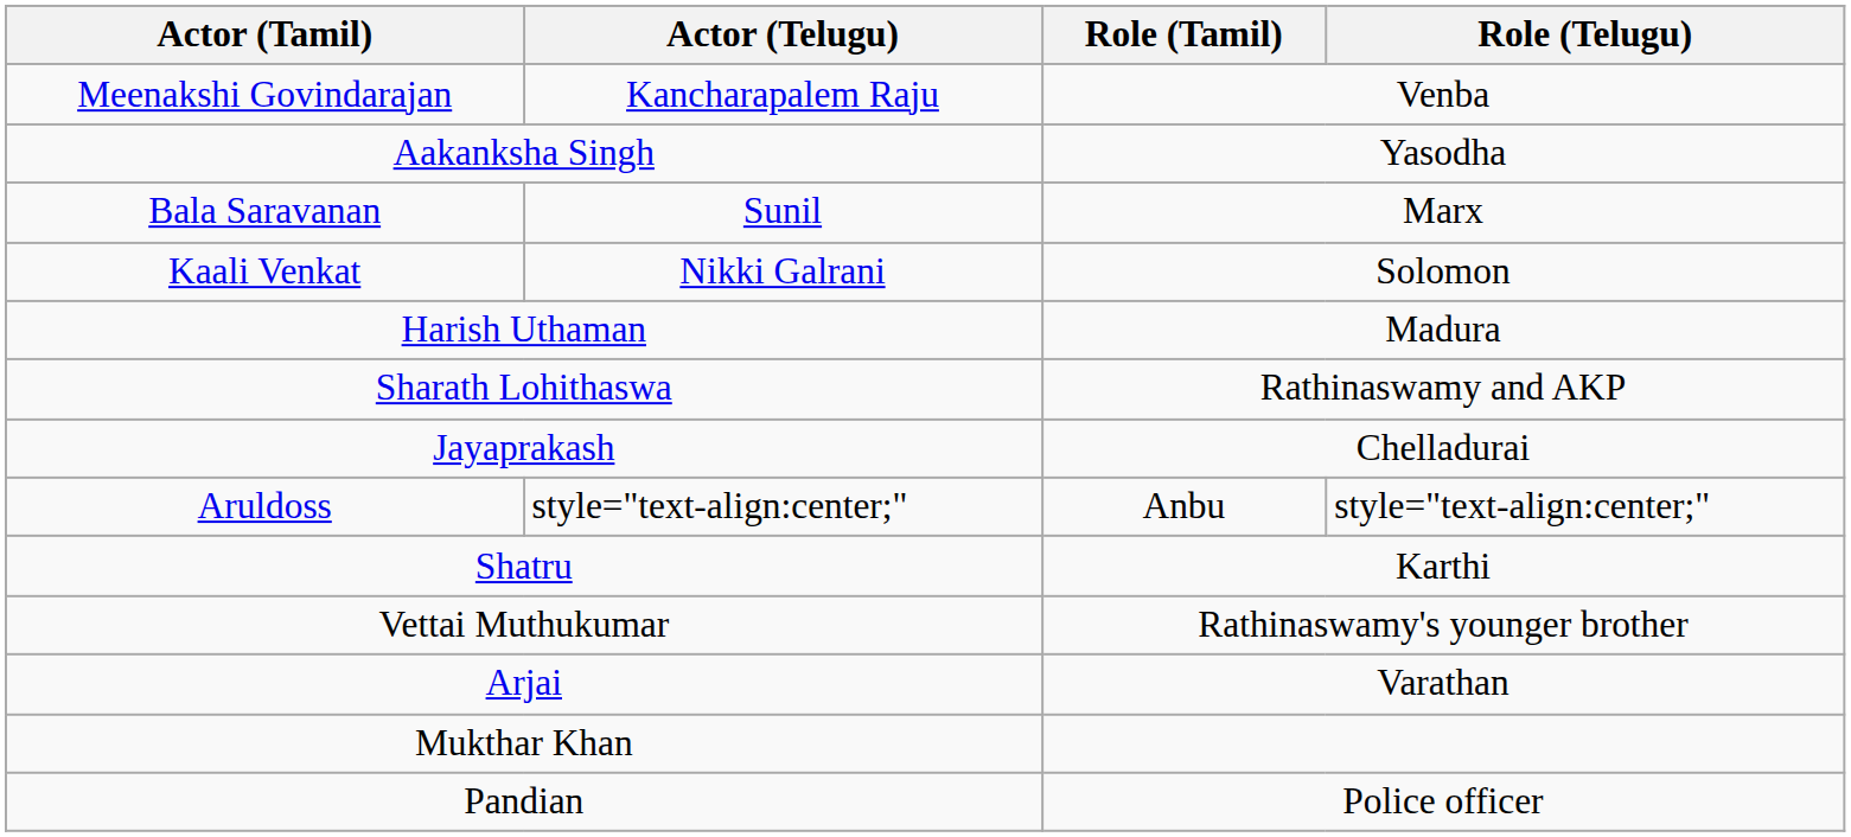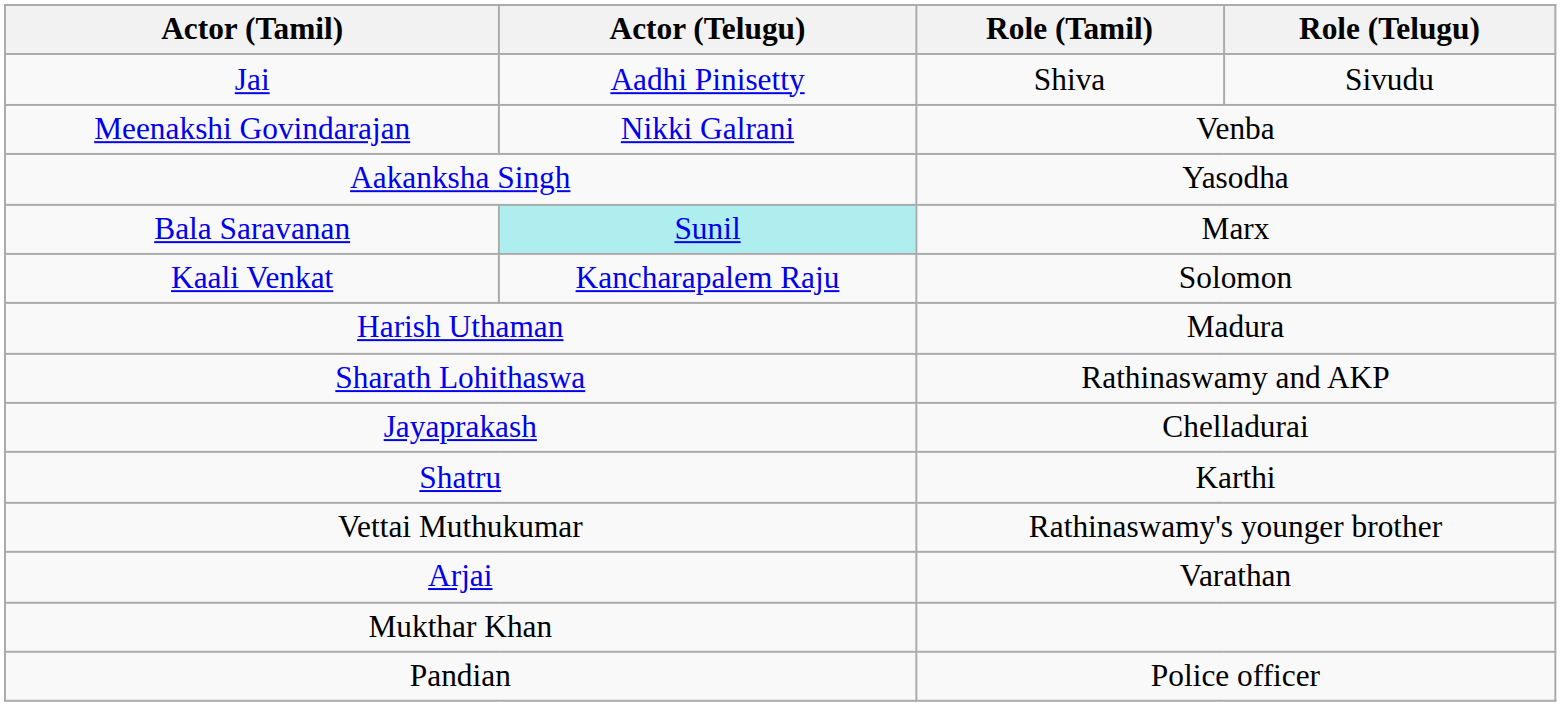 <table class="wikitable" style="width:50%;">
 <tr>
 <th>Actor (Tamil)</th>
 <th>Actor (Telugu)</th>
 <th>Role (Tamil)</th>
 <th>Role (Telugu)</th>
 </tr>
 <tr>
+<td style="text-align:center;"><a href='#'>Jai</a></td>
+<td style="text-align:center;"><a href='#'>Aadhi Pinisetty</a></td>
+<td style="text-align:center;">Shiva</td>
+<td style="text-align:center;">Sivudu</td>
+</tr>
+<tr>
 <td style="text-align:center;"><a href='#'>Meenakshi Govindarajan</a></td>
-<td style="text-align:center;"><a href='#'>Kancharapalem Raju</a></td>
+<td style="text-align:center;"><a href='#'>Nikki Galrani</a></td>
 <td colspan="2" style="text-align:center;">Venba</td>
 </tr>
 <tr>
 <td colspan="2" style="text-align:center;"><a href='#'>Aakanksha Singh</a></td>
 <td colspan="2" style="text-align:center;">Yasodha</td>
 </tr>
 <tr>
 <td style="text-align:center;"><a href='#'>Bala Saravanan</a></td>
-<td style="text-align:center;"><a href='#'>Sunil</a></td>
+<td style="background: paleturquoise; text-align:center;"><a href='#'>Sunil</a></td>
 <td colspan="2" style="text-align:center;">Marx</td>
 </tr>
 <tr>
 <td style="text-align:center;"><a href='#'>Kaali Venkat</a></td>
-<td style="text-align:center;"><a href='#'>Nikki Galrani</a></td>
+<td style="text-align:center;"><a href='#'>Kancharapalem Raju</a></td>
 <td colspan="2" style="text-align:center;">Solomon</td>
 </tr>
 <tr>
 <td colspan="2" style="text-align:center;"><a href='#'>Harish Uthaman</a></td>
 <td colspan="2" style="text-align:center;">Madura</td>
 </tr>
 <tr>
 <td colspan="2" style="text-align:center;"><a href='#'>Sharath Lohithaswa</a></td>
 <td colspan="2" style="text-align:center;">Rathinaswamy and AKP</td>
 </tr>
 <tr>
 <td colspan="2" style="text-align:center;"><a href='#'>Jayaprakash</a></td>
 <td colspan="2" style="text-align:center;">Chelladurai</td>
-</tr>
-<tr>
-<td style="text-align:center;"><a href='#'>Aruldoss</a></td>
-<td>style="text-align:center;" </td>
-<td style="text-align:center;">Anbu</td>
-<td>style="text-align:center;" </td>
 </tr>
 <tr>
 <td colspan="2" style="text-align:center;"><a href='#'>Shatru</a></td>
 <td colspan="2" style="text-align:center;">Karthi</td>
 </tr>
 <tr>
 <td colspan="2" style="text-align:center;">Vettai Muthukumar</td>
 <td colspan="2" style="text-align:center;">Rathinaswamy's younger brother</td>
 </tr>
 <tr>
 <td colspan="2" style="text-align:center;"><a href='#'>Arjai</a></td>
 <td colspan="2" style="text-align:center;">Varathan</td>
 </tr>
 <tr>
 <td colspan="2" style="text-align:center;">Mukthar Khan</td>
 <td colspan="2" style="text-align:center;"></td>
 </tr>
 <tr>
 <td colspan="2" style="text-align:center;">Pandian</td>
 <td colspan="2" style="text-align:center;">Police officer</td>
 </tr>
 </table>
